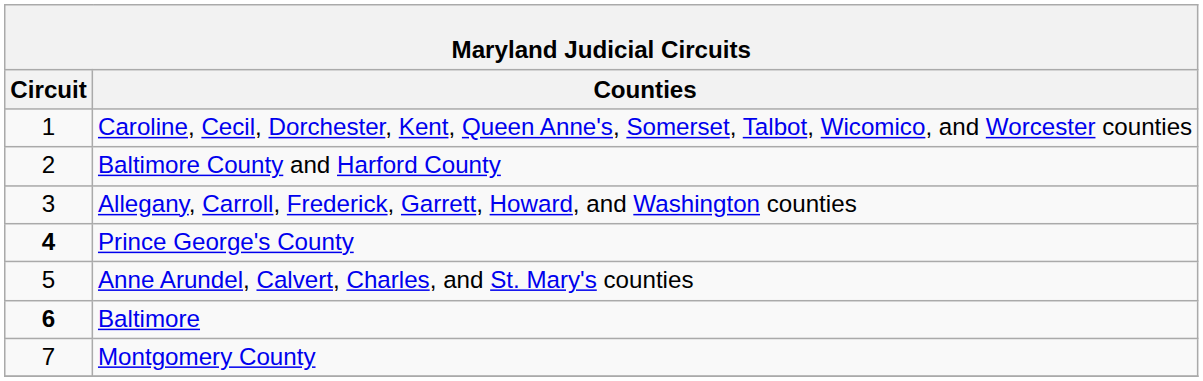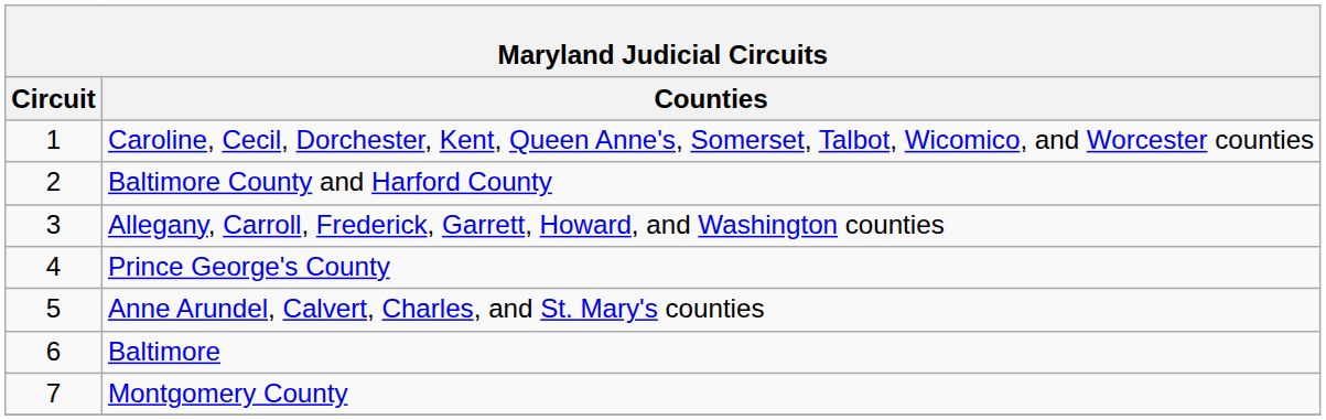 <table class=wikitable>
 <tr>
 <th colspan=2><br><span><strong>Maryland Judicial Circuits</strong></span></th>
 </tr>
 <tr>
 <th>Circuit</th>
 <th>Counties</th>
 </tr>
 <tr>
 <td align="center">1</td>
 <td><a href='#'>Caroline</a>, <a href='#'>Cecil</a>, <a href='#'>Dorchester</a>, <a href='#'>Kent</a>, <a href='#'>Queen Anne's</a>, <a href='#'>Somerset</a>, <a href='#'>Talbot</a>, <a href='#'>Wicomico</a>, and <a href='#'>Worcester</a> counties</td>
 </tr>
 <tr>
 <td align="center">2</td>
 <td><a href='#'>Baltimore County</a> and <a href='#'>Harford County</a></td>
 </tr>
 <tr>
 <td align="center">3</td>
 <td><a href='#'>Allegany</a>, <a href='#'>Carroll</a>, <a href='#'>Frederick</a>, <a href='#'>Garrett</a>, <a href='#'>Howard</a>, and <a href='#'>Washington</a> counties</td>
 </tr>
 <tr>
-<td align="center"><strong>4</strong></td>
+<td align="center">4</td>
 <td><a href='#'>Prince George's County</a></td>
 </tr>
 <tr>
 <td align="center">5</td>
 <td><a href='#'>Anne Arundel</a>, <a href='#'>Calvert</a>, <a href='#'>Charles</a>, and <a href='#'>St. Mary's</a> counties</td>
 </tr>
 <tr>
-<td align="center"><strong>6</strong></td>
+<td align="center">6</td>
 <td><a href='#'>Baltimore</a></td>
 </tr>
 <tr>
 <td align="center">7</td>
 <td><a href='#'>Montgomery County</a></td>
 </tr>
 <tr>
 </tr>
 </table>
